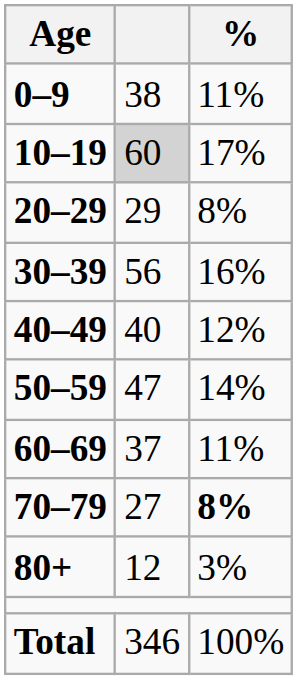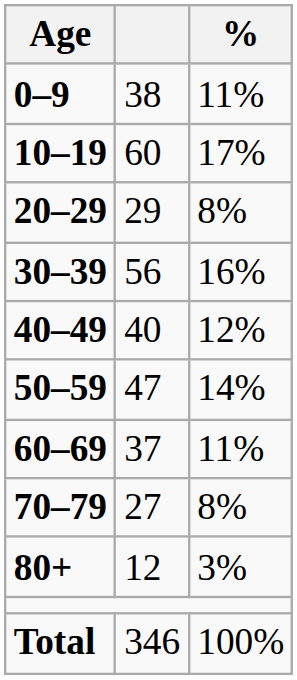 <table class="wikitable">
 <tr>
 <th>Age</th>
 <th></th>
 <th>%</th>
 </tr>
 <tr>
 <td><strong>0–9</strong></td>
 <td>38</td>
 <td>11%</td>
 </tr>
 <tr>
 <td><strong>10–19</strong></td>
-<td style="background: lightgrey;">60</td>
+<td>60</td>
 <td>17%</td>
 </tr>
 <tr>
 <td><strong>20–29</strong></td>
 <td>29</td>
 <td>8%</td>
 </tr>
 <tr>
 <td><strong>30–39</strong></td>
 <td>56</td>
 <td>16%</td>
 </tr>
 <tr>
 <td><strong>40–49</strong></td>
 <td>40</td>
 <td>12%</td>
 </tr>
 <tr>
 <td><strong>50–59</strong></td>
 <td>47</td>
 <td>14%</td>
 </tr>
 <tr>
 <td><strong>60–69</strong></td>
 <td>37</td>
 <td>11%</td>
 </tr>
 <tr>
 <td><strong>70–79</strong></td>
 <td>27</td>
-<td><strong>8%</strong></td>
+<td>8%</td>
 </tr>
 <tr>
 <td><strong>80+</strong></td>
 <td>12</td>
 <td>3%</td>
 </tr>
 <tr>
 <td colspan="3"></td>
 </tr>
 <tr>
 <td><strong>Total</strong></td>
 <td>346</td>
 <td>100%</td>
 </tr>
 </table>
